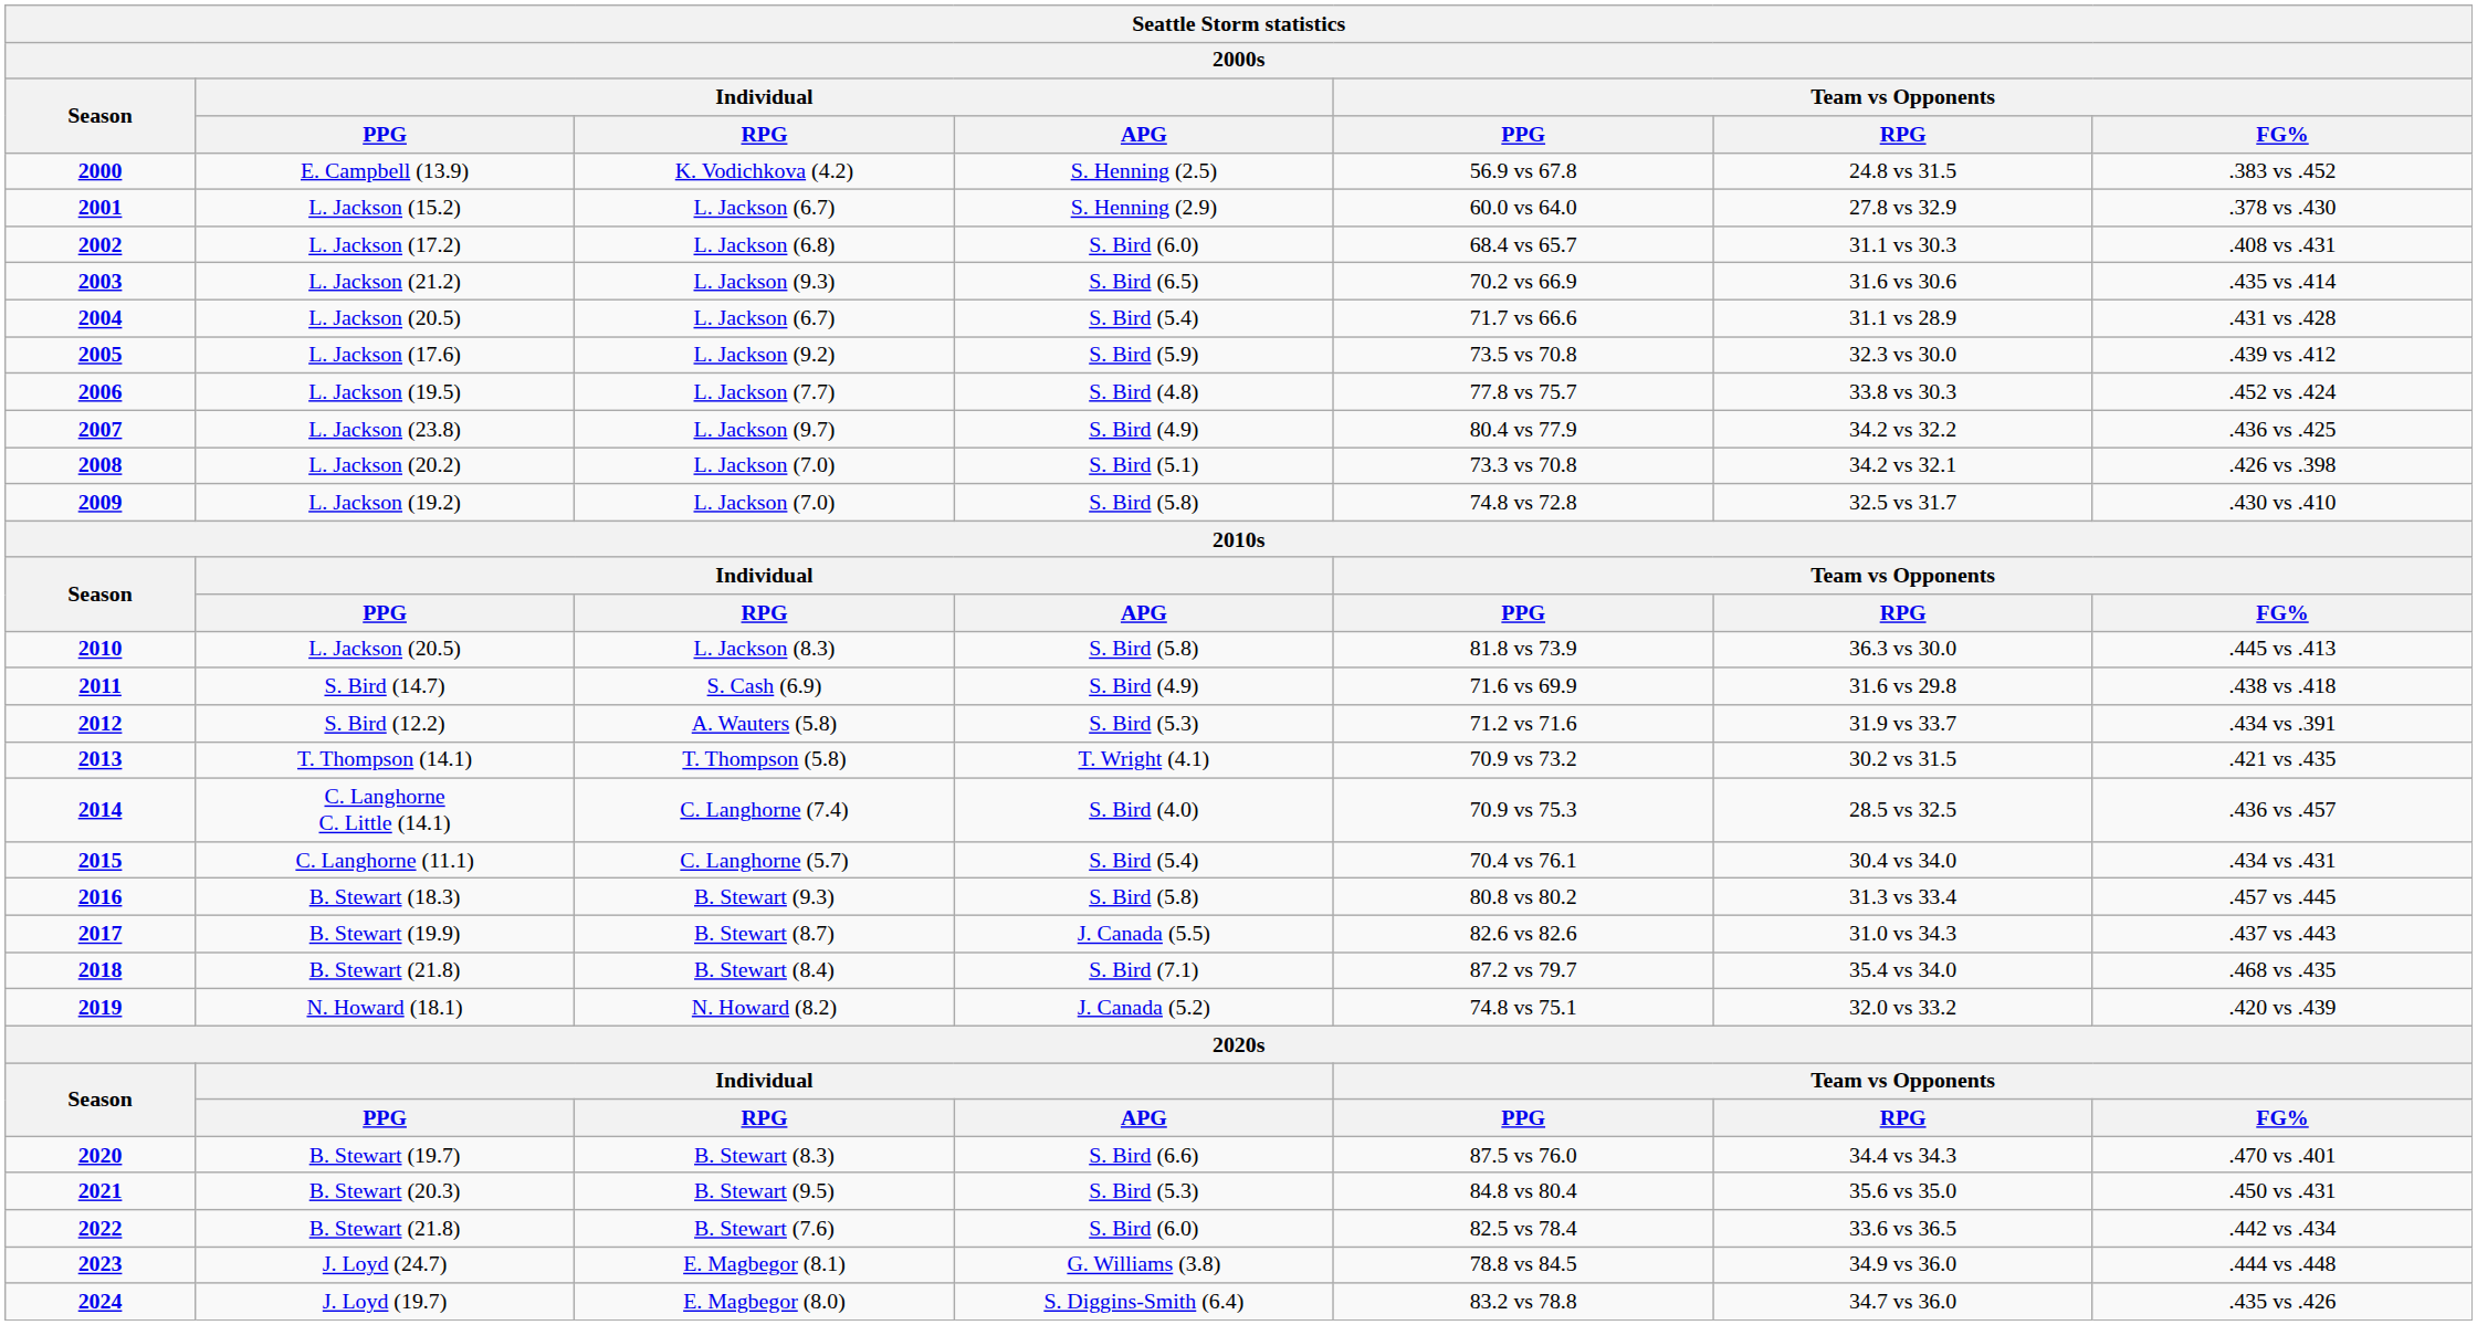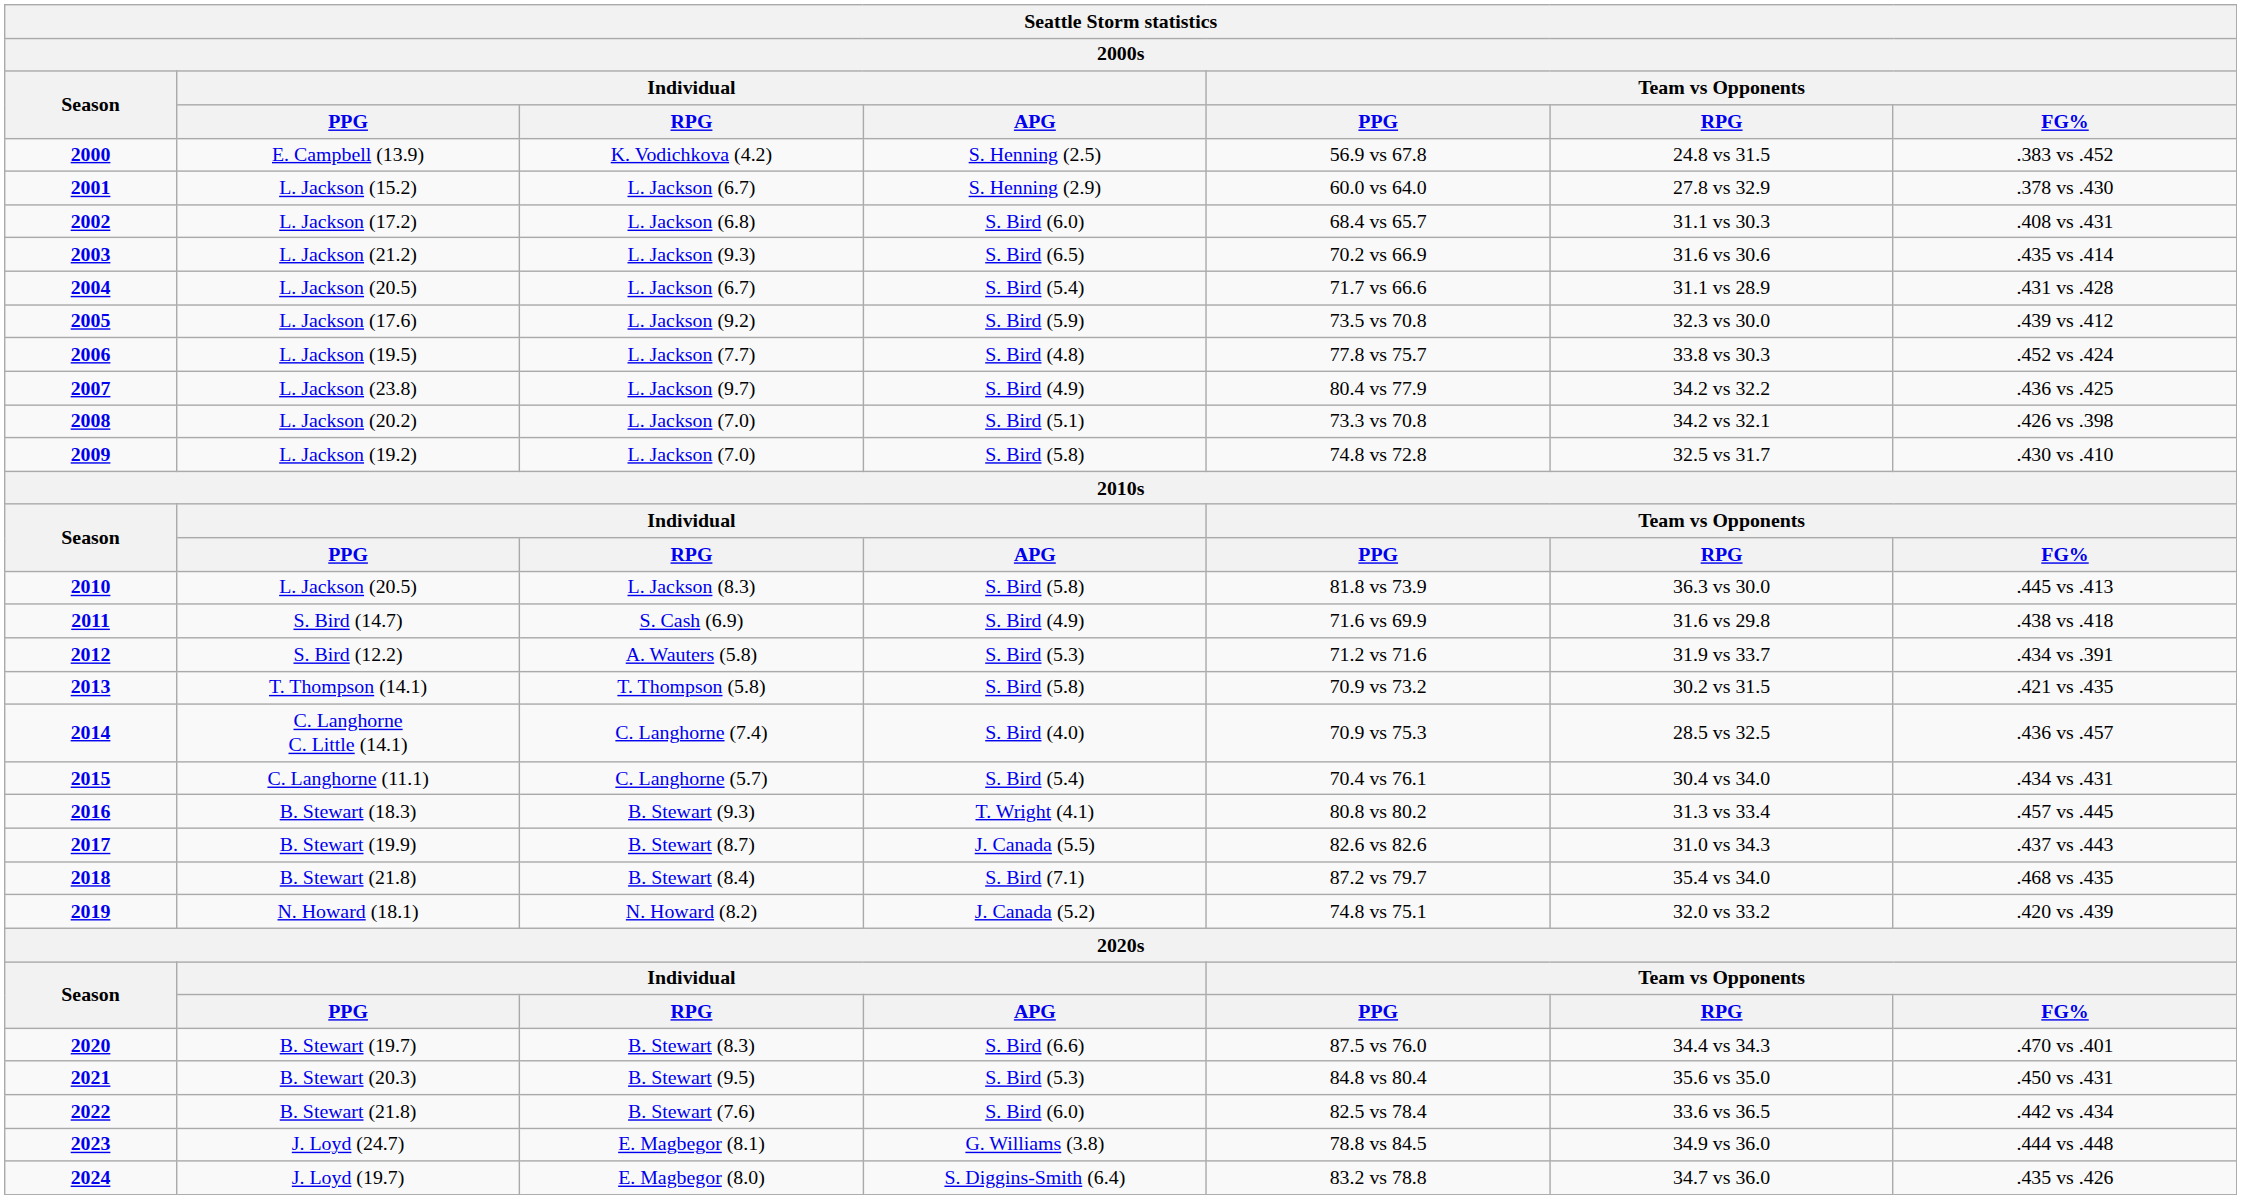 <table class="wikitable collapsible collapsed" style="clear:both; min-width:70%; font-size:88%; margin:1.5em auto; text-align:center;">
 <tr>
 <th colspan=8>Seattle Storm statistics</th>
 </tr>
 <tr valign="top">
 <th colspan=8>2000s</th>
 </tr>
 <tr>
 <th width="4%" rowspan=2>Season</th>
 <th width="16%" colspan=3>Individual</th>
 <th width="16%" colspan=3>Team vs Opponents</th>
 </tr>
 <tr>
 <th width="8%"><a href='#'>PPG</a></th>
 <th width="8%"><a href='#'>RPG</a></th>
 <th width="8%"><a href='#'>APG</a></th>
 <th width="8%"><a href='#'>PPG</a></th>
 <th width="8%"><a href='#'>RPG</a></th>
 <th width="8%"><a href='#'>FG%</a></th>
 </tr>
 <tr>
 <td><strong><a href='#'>2000</a></strong></td>
 <td><a href='#'>E. Campbell</a> (13.9)</td>
 <td><a href='#'>K. Vodichkova</a> (4.2)</td>
 <td><a href='#'>S. Henning</a> (2.5)</td>
 <td>56.9 vs 67.8</td>
 <td>24.8 vs 31.5</td>
 <td>.383 vs .452</td>
 </tr>
 <tr>
 <td><strong><a href='#'>2001</a></strong></td>
 <td><a href='#'>L. Jackson</a> (15.2)</td>
 <td><a href='#'>L. Jackson</a> (6.7)</td>
 <td><a href='#'>S. Henning</a> (2.9)</td>
 <td>60.0 vs 64.0</td>
 <td>27.8 vs 32.9</td>
 <td>.378 vs .430</td>
 </tr>
 <tr>
 <td><strong><a href='#'>2002</a></strong></td>
 <td><a href='#'>L. Jackson</a> (17.2)</td>
 <td><a href='#'>L. Jackson</a> (6.8)</td>
 <td><a href='#'>S. Bird</a> (6.0)</td>
 <td>68.4 vs 65.7</td>
 <td>31.1 vs 30.3</td>
 <td>.408 vs .431</td>
 </tr>
 <tr>
 <td><strong><a href='#'>2003</a></strong></td>
 <td><a href='#'>L. Jackson</a> (21.2)</td>
 <td><a href='#'>L. Jackson</a> (9.3)</td>
 <td><a href='#'>S. Bird</a> (6.5)</td>
 <td>70.2 vs 66.9</td>
 <td>31.6 vs 30.6</td>
 <td>.435 vs .414</td>
 </tr>
 <tr>
 <td><strong><a href='#'>2004</a></strong></td>
 <td><a href='#'>L. Jackson</a> (20.5)</td>
 <td><a href='#'>L. Jackson</a> (6.7)</td>
 <td><a href='#'>S. Bird</a> (5.4)</td>
 <td>71.7 vs 66.6</td>
 <td>31.1 vs 28.9</td>
 <td>.431 vs .428</td>
 </tr>
 <tr>
 <td><strong><a href='#'>2005</a></strong></td>
 <td><a href='#'>L. Jackson</a> (17.6)</td>
 <td><a href='#'>L. Jackson</a> (9.2)</td>
 <td><a href='#'>S. Bird</a> (5.9)</td>
 <td>73.5 vs 70.8</td>
 <td>32.3 vs 30.0</td>
 <td>.439 vs .412</td>
 </tr>
 <tr>
 <td><strong><a href='#'>2006</a></strong></td>
 <td><a href='#'>L. Jackson</a> (19.5)</td>
 <td><a href='#'>L. Jackson</a> (7.7)</td>
 <td><a href='#'>S. Bird</a> (4.8)</td>
 <td>77.8 vs 75.7</td>
 <td>33.8 vs 30.3</td>
 <td>.452 vs .424</td>
 </tr>
 <tr>
 <td><strong><a href='#'>2007</a></strong></td>
 <td><a href='#'>L. Jackson</a> (23.8)</td>
 <td><a href='#'>L. Jackson</a> (9.7)</td>
 <td><a href='#'>S. Bird</a> (4.9)</td>
 <td>80.4 vs 77.9</td>
 <td>34.2 vs 32.2</td>
 <td>.436 vs .425</td>
 </tr>
 <tr>
 <td><strong><a href='#'>2008</a></strong></td>
 <td><a href='#'>L. Jackson</a> (20.2)</td>
 <td><a href='#'>L. Jackson</a> (7.0)</td>
 <td><a href='#'>S. Bird</a> (5.1)</td>
 <td>73.3 vs 70.8</td>
 <td>34.2 vs 32.1</td>
 <td>.426 vs .398</td>
 </tr>
 <tr>
 <td><strong><a href='#'>2009</a></strong></td>
 <td><a href='#'>L. Jackson</a> (19.2)</td>
 <td><a href='#'>L. Jackson</a> (7.0)</td>
 <td><a href='#'>S. Bird</a> (5.8)</td>
 <td>74.8 vs 72.8</td>
 <td>32.5 vs 31.7</td>
 <td>.430 vs .410</td>
 </tr>
 <tr valign="top">
 <th colspan=8>2010s</th>
 </tr>
 <tr>
 <th width="4%" rowspan=2>Season</th>
 <th width="16%" colspan=3>Individual</th>
 <th width="16%" colspan=3>Team vs Opponents</th>
 </tr>
 <tr>
 <th width="8%"><a href='#'>PPG</a></th>
 <th width="8%"><a href='#'>RPG</a></th>
 <th width="8%"><a href='#'>APG</a></th>
 <th width="8%"><a href='#'>PPG</a></th>
 <th width="8%"><a href='#'>RPG</a></th>
 <th width="8%"><a href='#'>FG%</a></th>
 </tr>
 <tr>
 <td><strong><a href='#'>2010</a></strong></td>
 <td><a href='#'>L. Jackson</a> (20.5)</td>
 <td><a href='#'>L. Jackson</a> (8.3)</td>
 <td><a href='#'>S. Bird</a> (5.8)</td>
 <td>81.8 vs 73.9</td>
 <td>36.3 vs 30.0</td>
 <td>.445 vs .413</td>
 </tr>
 <tr>
 <td><strong><a href='#'>2011</a></strong></td>
 <td><a href='#'>S. Bird</a> (14.7)</td>
 <td><a href='#'>S. Cash</a> (6.9)</td>
 <td><a href='#'>S. Bird</a> (4.9)</td>
 <td>71.6 vs 69.9</td>
 <td>31.6 vs 29.8</td>
 <td>.438 vs .418</td>
 </tr>
 <tr>
 <td><strong><a href='#'>2012</a></strong></td>
 <td><a href='#'>S. Bird</a> (12.2)</td>
 <td><a href='#'>A. Wauters</a> (5.8)</td>
 <td><a href='#'>S. Bird</a> (5.3)</td>
 <td>71.2 vs 71.6</td>
 <td>31.9 vs 33.7</td>
 <td>.434 vs .391</td>
 </tr>
 <tr>
 <td><strong><a href='#'>2013</a></strong></td>
 <td><a href='#'>T. Thompson</a> (14.1)</td>
 <td><a href='#'>T. Thompson</a> (5.8)</td>
-<td><a href='#'>T. Wright</a> (4.1)</td>
+<td><a href='#'>S. Bird</a> (5.8)</td>
 <td>70.9 vs 73.2</td>
 <td>30.2 vs 31.5</td>
 <td>.421 vs .435</td>
 </tr>
 <tr>
 <td><strong><a href='#'>2014</a></strong></td>
 <td><a href='#'>C. Langhorne</a><br><a href='#'>C. Little</a> (14.1)</td>
 <td><a href='#'>C. Langhorne</a> (7.4)</td>
 <td><a href='#'>S. Bird</a> (4.0)</td>
 <td>70.9 vs 75.3</td>
 <td>28.5 vs 32.5</td>
 <td>.436 vs .457</td>
 </tr>
 <tr>
 <td><strong><a href='#'>2015</a></strong></td>
 <td><a href='#'>C. Langhorne</a> (11.1)</td>
 <td><a href='#'>C. Langhorne</a> (5.7)</td>
 <td><a href='#'>S. Bird</a> (5.4)</td>
 <td>70.4 vs 76.1</td>
 <td>30.4 vs 34.0</td>
 <td>.434 vs .431</td>
 </tr>
 <tr>
 <td><strong><a href='#'>2016</a></strong></td>
 <td><a href='#'>B. Stewart</a> (18.3)</td>
 <td><a href='#'>B. Stewart</a> (9.3)</td>
-<td><a href='#'>S. Bird</a> (5.8)</td>
+<td><a href='#'>T. Wright</a> (4.1)</td>
 <td>80.8 vs 80.2</td>
 <td>31.3 vs 33.4</td>
 <td>.457 vs .445</td>
 </tr>
 <tr>
 <td><strong><a href='#'>2017</a></strong></td>
 <td><a href='#'>B. Stewart</a> (19.9)</td>
 <td><a href='#'>B. Stewart</a> (8.7)</td>
 <td><a href='#'>J. Canada</a> (5.5)</td>
 <td>82.6 vs 82.6</td>
 <td>31.0 vs 34.3</td>
 <td>.437 vs .443</td>
 </tr>
 <tr>
 <td><strong><a href='#'>2018</a></strong></td>
 <td><a href='#'>B. Stewart</a> (21.8)</td>
 <td><a href='#'>B. Stewart</a> (8.4)</td>
 <td><a href='#'>S. Bird</a> (7.1)</td>
 <td>87.2 vs 79.7</td>
 <td>35.4 vs 34.0</td>
 <td>.468 vs .435</td>
 </tr>
 <tr>
 <td><strong><a href='#'>2019</a></strong></td>
 <td><a href='#'>N. Howard</a> (18.1)</td>
 <td><a href='#'>N. Howard</a> (8.2)</td>
 <td><a href='#'>J. Canada</a> (5.2)</td>
 <td>74.8 vs 75.1</td>
 <td>32.0 vs 33.2</td>
 <td>.420 vs .439</td>
 </tr>
 <tr valign="top">
 <th colspan=8>2020s</th>
 </tr>
 <tr>
 <th width="4%" rowspan=2>Season</th>
 <th width="16%" colspan=3>Individual</th>
 <th width="16%" colspan=3>Team vs Opponents</th>
 </tr>
 <tr>
 <th width="8%"><a href='#'>PPG</a></th>
 <th width="8%"><a href='#'>RPG</a></th>
 <th width="8%"><a href='#'>APG</a></th>
 <th width="8%"><a href='#'>PPG</a></th>
 <th width="8%"><a href='#'>RPG</a></th>
 <th width="8%"><a href='#'>FG%</a></th>
 </tr>
 <tr>
 <td><strong><a href='#'>2020</a></strong></td>
 <td><a href='#'>B. Stewart</a> (19.7)</td>
 <td><a href='#'>B. Stewart</a> (8.3)</td>
 <td><a href='#'>S. Bird</a> (6.6)</td>
 <td>87.5 vs 76.0</td>
 <td>34.4 vs 34.3</td>
 <td>.470 vs .401</td>
 </tr>
 <tr>
 <td><strong><a href='#'>2021</a></strong></td>
 <td><a href='#'>B. Stewart</a> (20.3)</td>
 <td><a href='#'>B. Stewart</a> (9.5)</td>
 <td><a href='#'>S. Bird</a> (5.3)</td>
 <td>84.8 vs 80.4</td>
 <td>35.6 vs 35.0</td>
 <td>.450 vs .431</td>
 </tr>
 <tr>
 <td><strong><a href='#'>2022</a></strong></td>
 <td><a href='#'>B. Stewart</a> (21.8)</td>
 <td><a href='#'>B. Stewart</a> (7.6)</td>
 <td><a href='#'>S. Bird</a> (6.0)</td>
 <td>82.5 vs 78.4</td>
 <td>33.6 vs 36.5</td>
 <td>.442 vs .434</td>
 </tr>
 <tr>
 <td><strong><a href='#'>2023</a></strong></td>
 <td><a href='#'>J. Loyd</a> (24.7)</td>
 <td><a href='#'>E. Magbegor</a> (8.1)</td>
 <td><a href='#'>G. Williams</a> (3.8)</td>
 <td>78.8 vs 84.5</td>
 <td>34.9 vs 36.0</td>
 <td>.444 vs .448</td>
 </tr>
 <tr>
 <td><strong><a href='#'>2024</a></strong></td>
 <td><a href='#'>J. Loyd</a> (19.7)</td>
 <td><a href='#'>E. Magbegor</a> (8.0)</td>
 <td><a href='#'>S. Diggins-Smith</a> (6.4)</td>
 <td>83.2 vs 78.8</td>
 <td>34.7 vs 36.0</td>
 <td>.435 vs .426</td>
 </tr>
 </table>
